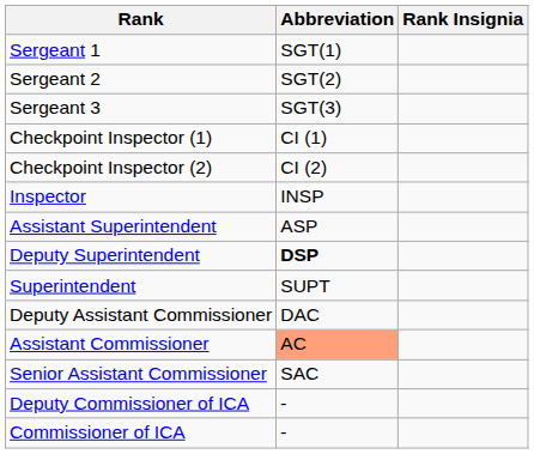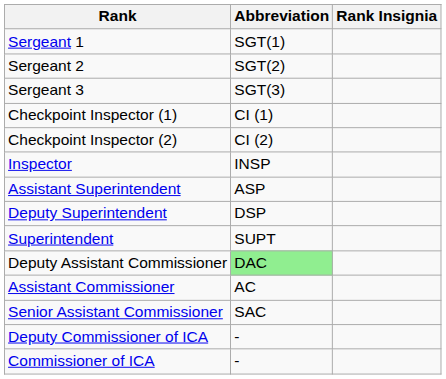 <table class="wikitable">
 <tr>
 <th>Rank</th>
 <th>Abbreviation</th>
 <th>Rank Insignia</th>
 </tr>
 <tr>
 <td><a href='#'>Sergeant</a> 1</td>
 <td>SGT(1)</td>
 <td colspan=2></td>
 </tr>
 <tr>
 <td>Sergeant 2</td>
 <td>SGT(2)</td>
 <td colspan=2></td>
 </tr>
 <tr>
 <td>Sergeant 3</td>
 <td>SGT(3)</td>
 <td colspan=2></td>
 </tr>
 <tr>
 <td>Checkpoint Inspector (1)</td>
 <td>CI (1)</td>
 <td colspan=2></td>
 </tr>
 <tr>
 <td>Checkpoint Inspector (2)</td>
 <td>CI (2)</td>
 <td colspan=2></td>
 </tr>
 <tr>
 <td><a href='#'>Inspector</a></td>
 <td>INSP</td>
 <td colspan=2></td>
 </tr>
 <tr>
 <td><a href='#'>Assistant Superintendent</a></td>
 <td>ASP</td>
 <td colspan=2></td>
 </tr>
 <tr>
 <td><a href='#'>Deputy Superintendent</a></td>
-<td><strong>DSP</strong></td>
+<td>DSP</td>
 <td colspan=2></td>
 </tr>
 <tr>
 <td><a href='#'>Superintendent</a></td>
 <td>SUPT</td>
 <td colspan=2></td>
 </tr>
 <tr>
 <td>Deputy Assistant Commissioner</td>
-<td>DAC</td>
+<td style="background: lightgreen;">DAC</td>
 <td colspan=2></td>
 </tr>
 <tr>
 <td><a href='#'>Assistant Commissioner</a></td>
-<td style="background: lightsalmon;">AC</td>
+<td>AC</td>
 <td colspan=2></td>
 </tr>
 <tr>
 <td><a href='#'>Senior Assistant Commissioner</a></td>
 <td>SAC</td>
 <td colspan=2></td>
 </tr>
 <tr>
 <td><a href='#'>Deputy Commissioner of ICA</a></td>
 <td>-</td>
 <td colspan=2></td>
 </tr>
 <tr>
 <td><a href='#'>Commissioner of ICA</a></td>
 <td>-</td>
 <td colspan=2></td>
 </tr>
 </table>
